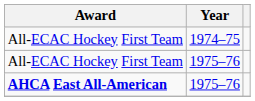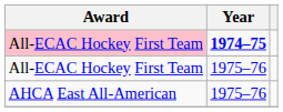 <table class="wikitable">
 <tr>
 <th>Award</th>
 <th>Year</th>
 <th></th>
 </tr>
 <tr>
-<td>All-<a href='#'>ECAC Hockey</a> <a href='#'>First Team</a></td>
-<td><a href='#'>1974–75</a></td>
+<td style="background: pink;">All-<a href='#'>ECAC Hockey</a> <a href='#'>First Team</a></td>
+<td><strong><a href='#'>1974–75</a></strong></td>
 <td></td>
 </tr>
 <tr>
 <td>All-<a href='#'>ECAC Hockey</a> <a href='#'>First Team</a></td>
 <td><a href='#'>1975–76</a></td>
 <td></td>
 </tr>
 <tr>
-<td><strong><a href='#'>AHCA</a> <a href='#'>East All-American</a></strong></td>
+<td><a href='#'>AHCA</a> <a href='#'>East All-American</a></td>
 <td><a href='#'>1975–76</a></td>
 <td></td>
 </tr>
 <tr>
 </tr>
 </table>
